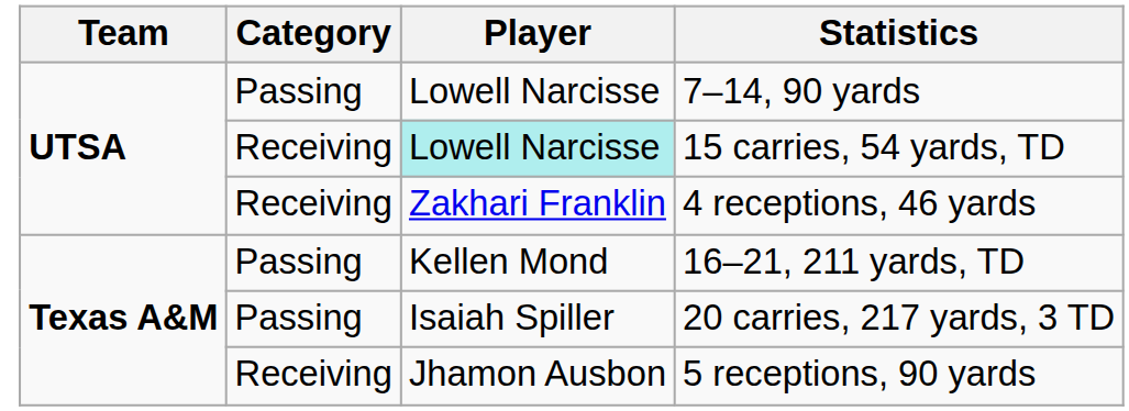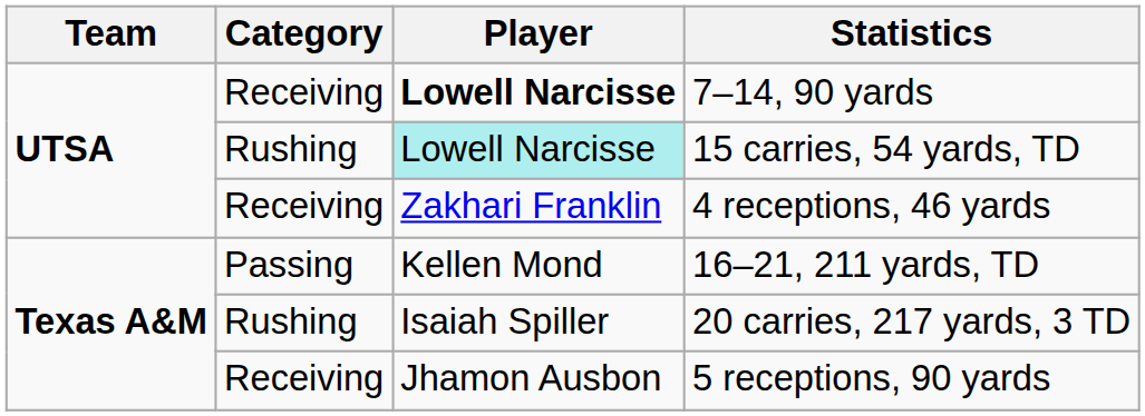 <table class="wikitable" style="float: right;">
 <tr>
 <th>Team</th>
 <th>Category</th>
 <th>Player</th>
 <th>Statistics</th>
 </tr>
 <tr>
 <td rowspan=3><strong>UTSA</strong></td>
-<td>Passing</td>
-<td>Lowell Narcisse</td>
+<td>Receiving</td>
+<td><strong>Lowell Narcisse</strong></td>
 <td>7–14, 90 yards</td>
 </tr>
 <tr>
-<td>Receiving</td>
+<td>Rushing</td>
 <td style="background: paleturquoise;">Lowell Narcisse</td>
 <td>15 carries, 54 yards, TD</td>
 </tr>
 <tr>
 <td>Receiving</td>
 <td><a href='#'>Zakhari Franklin</a></td>
 <td>4 receptions, 46 yards</td>
 </tr>
 <tr>
 <td rowspan=3><strong>Texas A&M</strong></td>
 <td>Passing</td>
 <td>Kellen Mond</td>
 <td>16–21, 211 yards, TD</td>
 </tr>
 <tr>
-<td>Passing</td>
+<td>Rushing</td>
 <td>Isaiah Spiller</td>
 <td>20 carries, 217 yards, 3 TD</td>
 </tr>
 <tr>
 <td>Receiving</td>
 <td>Jhamon Ausbon</td>
 <td>5 receptions, 90 yards</td>
 </tr>
 </table>
